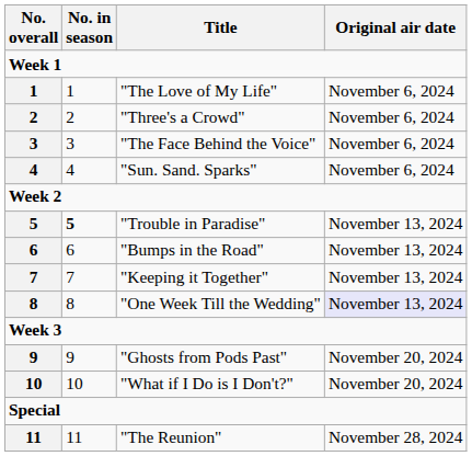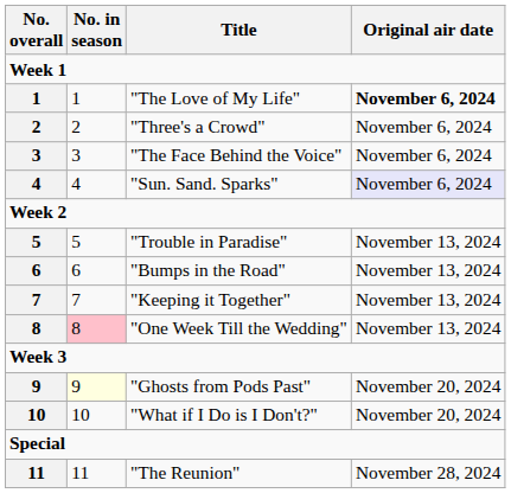 <table class="wikitable">
 <tr>
 <th><abbr>No.</abbr><br>overall</th>
 <th><abbr>No.</abbr> in<br>season</th>
 <th>Title</th>
 <th>Original air date</th>
 </tr>
 <tr>
 <td colspan="13"><strong>Week 1</strong></td>
 </tr>
 <tr>
 <th rowspan="1">1</th>
 <td>1</td>
 <td rowspan="1">"The Love of My Life"</td>
-<td>November 6, 2024</td>
+<td><strong>November 6, 2024</strong></td>
 </tr>
 <tr>
 <th rowspan="1">2</th>
 <td>2</td>
 <td rowspan="1">"Three's a Crowd"</td>
 <td>November 6, 2024</td>
 </tr>
 <tr>
 <th rowspan="1">3</th>
 <td>3</td>
 <td rowspan="1">"The Face Behind the Voice"</td>
 <td>November 6, 2024</td>
 </tr>
 <tr>
 <th rowspan="1">4</th>
 <td>4</td>
 <td rowspan="1">"Sun. Sand. Sparks"</td>
-<td>November 6, 2024</td>
+<td style="background: lavender;">November 6, 2024</td>
 </tr>
 <tr>
 <td colspan="13"><strong>Week 2</strong></td>
 </tr>
 <tr>
 <th rowspan="1">5</th>
-<td><strong>5</strong></td>
+<td>5</td>
 <td rowspan="1">"Trouble in Paradise"</td>
 <td>November 13, 2024</td>
 </tr>
 <tr>
 <th rowspan="1">6</th>
 <td>6</td>
 <td rowspan="1">"Bumps in the Road"</td>
 <td>November 13, 2024</td>
 </tr>
 <tr>
 <th rowspan="1">7</th>
 <td>7</td>
 <td rowspan="1">"Keeping it Together"</td>
 <td>November 13, 2024</td>
 </tr>
 <tr>
 <th rowspan="1">8</th>
-<td>8</td>
+<td style="background: pink;">8</td>
 <td rowspan="1">"One Week Till the Wedding"</td>
-<td style="background: lavender;">November 13, 2024</td>
+<td>November 13, 2024</td>
 </tr>
 <tr>
 <td colspan="13"><strong>Week 3</strong></td>
 </tr>
 <tr>
 <th rowspan="1">9</th>
-<td>9</td>
+<td style="background: lightyellow;">9</td>
 <td rowspan="1">"Ghosts from Pods Past"</td>
 <td>November 20, 2024</td>
 </tr>
 <tr>
 <th rowspan="1">10</th>
 <td>10</td>
 <td rowspan="1">"What if I Do is I Don't?"</td>
 <td>November 20, 2024</td>
 </tr>
 <tr>
 <td colspan="13"><strong>Special</strong></td>
 </tr>
 <tr>
 <th rowspan="1">11</th>
 <td>11</td>
 <td rowspan="1">"The Reunion"</td>
 <td>November 28, 2024</td>
 </tr>
 </table>
